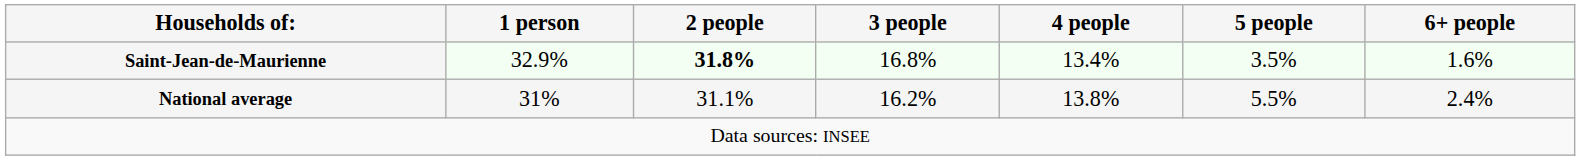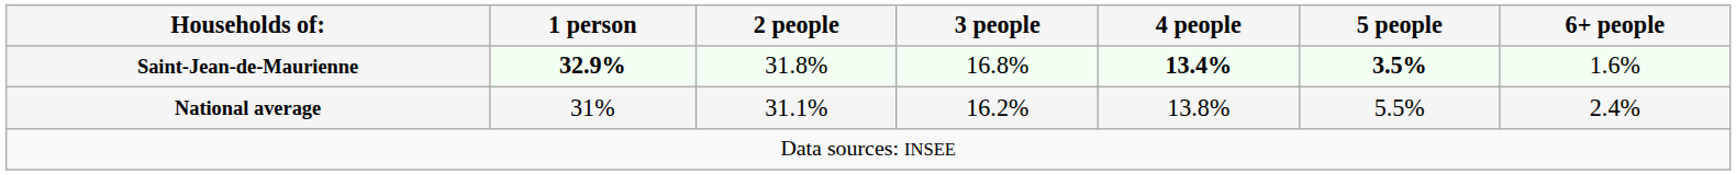 <table class="wikitable" style="width:90%;border:0px;text-align:center;line-height:120%;margin:1em auto;">
 <tr>
 <th style="background: #F5F5F5; color: #000000" height="17">Households of:</th>
 <th style="background: #F5F5F5; color:#000000;">1 person</th>
 <th style="background: #F5F5F5; color:#000000;">2 people</th>
 <th style="background: #F5F5F5; color:#000000;">3 people</th>
 <th style="background: #F5F5F5; color:#000000;">4 people</th>
 <th style="background: #F5F5F5; color:#000000;">5 people</th>
 <th style="background: #F5F5F5; color:#000000;">6+ people</th>
 </tr>
 <tr>
 <th style="background: #F5F5F5; color:#000000;"><small>Saint-Jean-de-Maurienne</small></th>
-<td style="background: #F3FFF3; color:#000000;">32.9%</td>
-<td style="background: #F3FFF3; color:#000000;"><strong>31.8%</strong></td>
+<td style="background: #F3FFF3; color:#000000;"><strong>32.9%</strong></td>
+<td style="background: #F3FFF3; color:#000000;">31.8%</td>
 <td style="background: #F3FFF3; color:#000000;">16.8%</td>
-<td style="background: #F3FFF3; color:#000000;">13.4%</td>
-<td style="background: #F3FFF3; color:#000000;">3.5%</td>
+<td style="background: #F3FFF3; color:#000000;"><strong>13.4%</strong></td>
+<td style="background: #F3FFF3; color:#000000;"><strong>3.5%</strong></td>
 <td style="background: #F3FFF3; color:#000000;">1.6%</td>
 </tr>
 <tr>
 <th style="background: #F5F5F5; color:#000000;" height="16"><small>National average</small></th>
 <td style="background: #F5F5F5; color: black;">31%</td>
 <td style="background: #F5F5F5; color: black;">31.1%</td>
 <td style="background: #F5F5F5; color: black;">16.2%</td>
 <td style="background: #F5F5F5; color: black;">13.8%</td>
 <td style="background: #F5F5F5; color: black;">5.5%</td>
 <td style="background: #F5F5F5; color: black;">2.4%</td>
 </tr>
 <tr>
 <td colspan="7" style="text-align:center;font-size:90%;">Data sources: <small>INSEE</small></td>
 </tr>
 </table>
